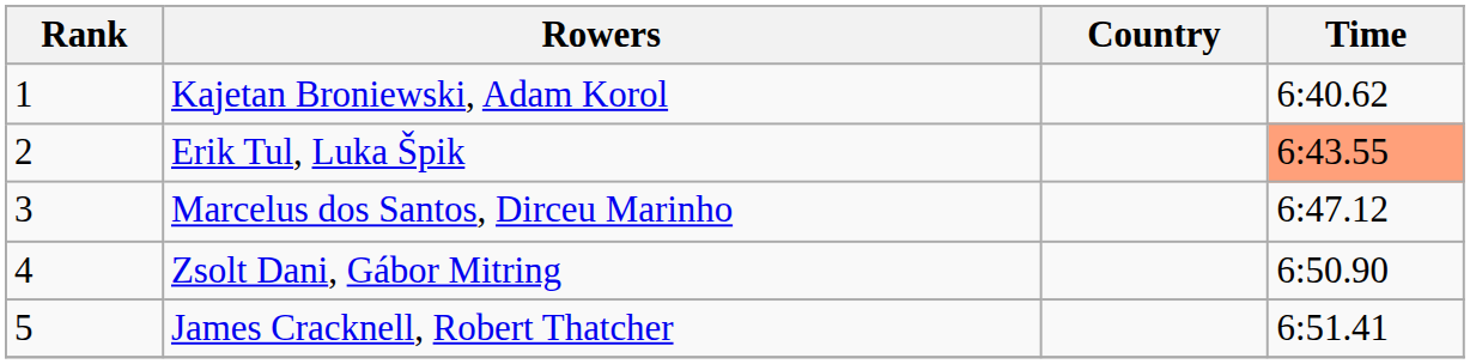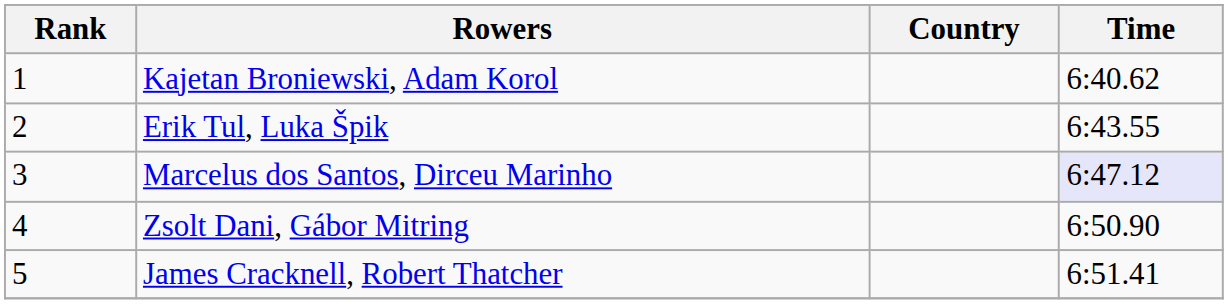 <table class="wikitable" width=50%>
 <tr>
 <th>Rank</th>
 <th>Rowers</th>
 <th>Country</th>
 <th>Time</th>
 </tr>
 <tr>
 <td>1</td>
 <td><a href='#'>Kajetan Broniewski</a>, <a href='#'>Adam Korol</a></td>
 <td></td>
 <td>6:40.62</td>
 </tr>
 <tr>
 <td>2</td>
 <td><a href='#'>Erik Tul</a>, <a href='#'>Luka Špik</a></td>
 <td></td>
-<td style="background: lightsalmon;">6:43.55</td>
+<td>6:43.55</td>
 </tr>
 <tr>
 <td>3</td>
 <td><a href='#'>Marcelus dos Santos</a>, <a href='#'>Dirceu Marinho</a></td>
 <td></td>
-<td>6:47.12</td>
+<td style="background: lavender;">6:47.12</td>
 </tr>
 <tr>
 <td>4</td>
 <td><a href='#'>Zsolt Dani</a>, <a href='#'>Gábor Mitring</a></td>
 <td></td>
 <td>6:50.90</td>
 </tr>
 <tr>
 <td>5</td>
 <td><a href='#'>James Cracknell</a>, <a href='#'>Robert Thatcher</a></td>
 <td></td>
 <td>6:51.41</td>
 </tr>
 <tr>
 </tr>
 </table>
